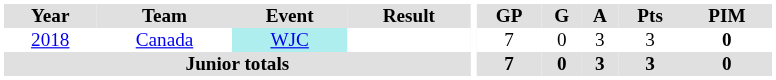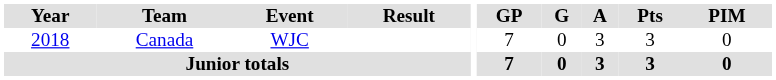 <table border="0" cellpadding="1" cellspacing="0" ID="Table3" style="text-align:center; width:40em;">
 <tr bgcolor="#e0e0e0">
 <th>Year</th>
 <th>Team</th>
 <th>Event</th>
 <th>Result</th>
 <th rowspan="99" bgcolor="#ffffff"></th>
 <th>GP</th>
 <th>G</th>
 <th>A</th>
 <th>Pts</th>
 <th>PIM</th>
 </tr>
 <tr>
 <td><a href='#'>2018</a></td>
 <td><a href='#'>Canada</a></td>
-<td style="background: paleturquoise;"><a href='#'>WJC</a></td>
+<td><a href='#'>WJC</a></td>
 <td></td>
 <td>7</td>
 <td>0</td>
 <td>3</td>
 <td>3</td>
-<td><strong>0</strong></td>
+<td>0</td>
 </tr>
 <tr bgcolor="#e0e0e0">
 <th colspan="4">Junior totals</th>
 <th>7</th>
 <th>0</th>
 <th>3</th>
 <th>3</th>
 <th>0</th>
 </tr>
 </table>
